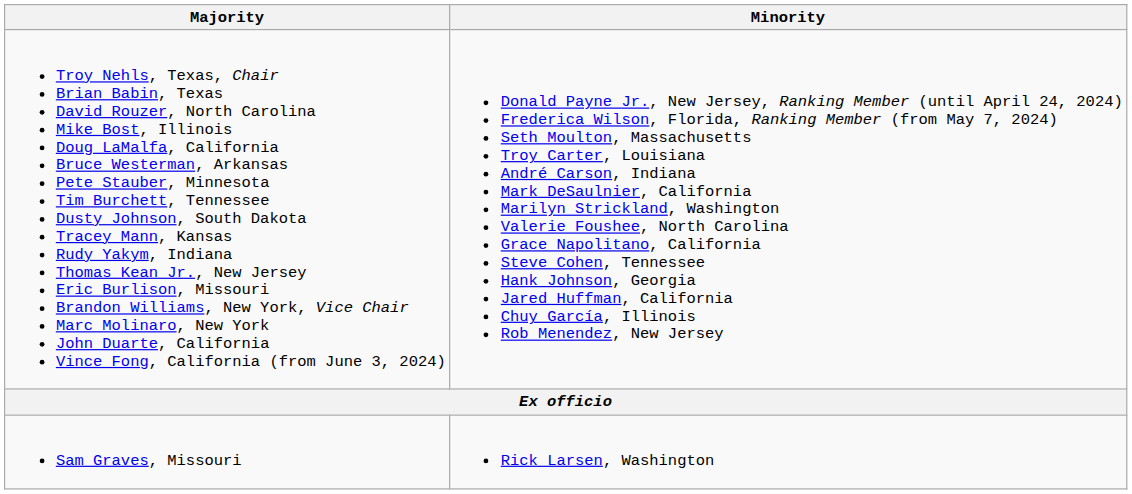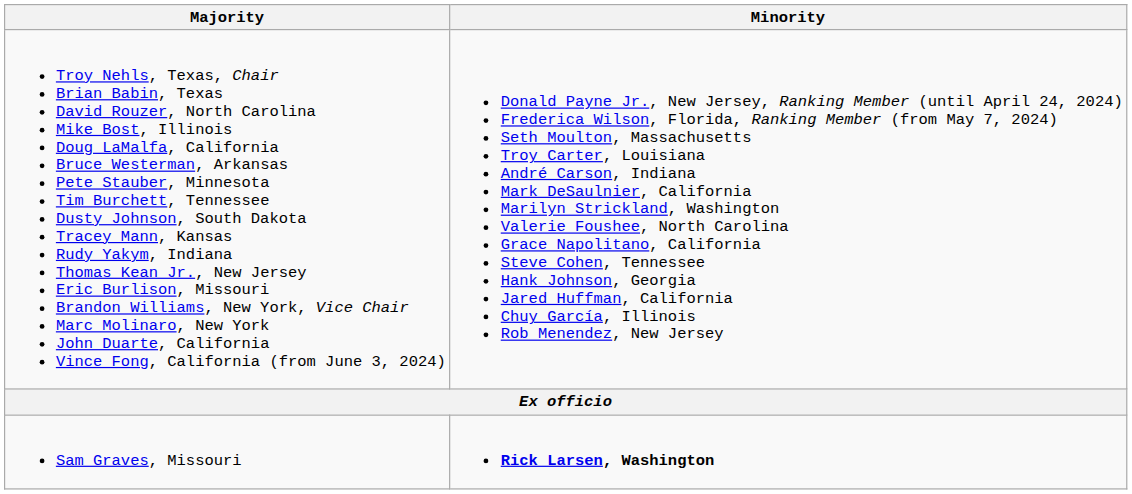 <table class=wikitable>
 <tr>
 <th>Majority</th>
 <th>Minority</th>
 </tr>
 <tr>
 <td><br><ul><li><a href='#'>Troy Nehls</a>, Texas, <em>Chair</em></li><li><a href='#'>Brian Babin</a>, Texas</li><li><a href='#'>David Rouzer</a>, North Carolina</li><li><a href='#'>Mike Bost</a>, Illinois</li><li><a href='#'>Doug LaMalfa</a>, California</li><li><a href='#'>Bruce Westerman</a>, Arkansas</li><li><a href='#'>Pete Stauber</a>, Minnesota</li><li><a href='#'>Tim Burchett</a>, Tennessee</li><li><a href='#'>Dusty Johnson</a>, South Dakota</li><li><a href='#'>Tracey Mann</a>, Kansas</li><li><a href='#'>Rudy Yakym</a>, Indiana</li><li><a href='#'>Thomas Kean Jr.</a>, New Jersey</li><li><a href='#'>Eric Burlison</a>, Missouri</li><li><a href='#'>Brandon Williams</a>, New York, <em>Vice Chair</em></li><li><a href='#'>Marc Molinaro</a>, New York</li><li><a href='#'>John Duarte</a>, California</li><li><a href='#'>Vince Fong</a>, California (from June 3, 2024)</li></ul></td>
 <td><br><ul><li><a href='#'>Donald Payne Jr.</a>, New Jersey, <em>Ranking Member</em> (until April 24, 2024)</li><li><a href='#'>Frederica Wilson</a>, Florida, <em>Ranking Member</em> (from May 7, 2024)</li><li><a href='#'>Seth Moulton</a>, Massachusetts</li><li><a href='#'>Troy Carter</a>, Louisiana</li><li><a href='#'>André Carson</a>, Indiana</li><li><a href='#'>Mark DeSaulnier</a>, California</li><li><a href='#'>Marilyn Strickland</a>, Washington</li><li><a href='#'>Valerie Foushee</a>, North Carolina</li><li><a href='#'>Grace Napolitano</a>, California</li><li><a href='#'>Steve Cohen</a>, Tennessee</li><li><a href='#'>Hank Johnson</a>, Georgia</li><li><a href='#'>Jared Huffman</a>, California</li><li><a href='#'>Chuy García</a>, Illinois</li><li><a href='#'>Rob Menendez</a>, New Jersey</li></ul></td>
 </tr>
 <tr>
 <th colspan=2><em>Ex officio</em></th>
 </tr>
 <tr>
 <td><br><ul><li><a href='#'>Sam Graves</a>, Missouri</li></ul></td>
-<td><br><ul><li><a href='#'>Rick Larsen</a>, Washington</li></ul></td>
+<td><strong><br><ul><li><a href='#'>Rick Larsen</a>, Washington</li></ul></strong></td>
 </tr>
 </table>
